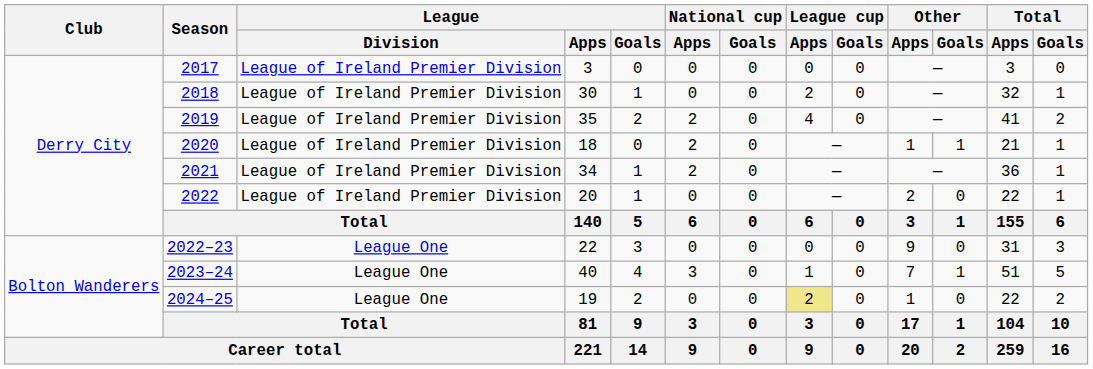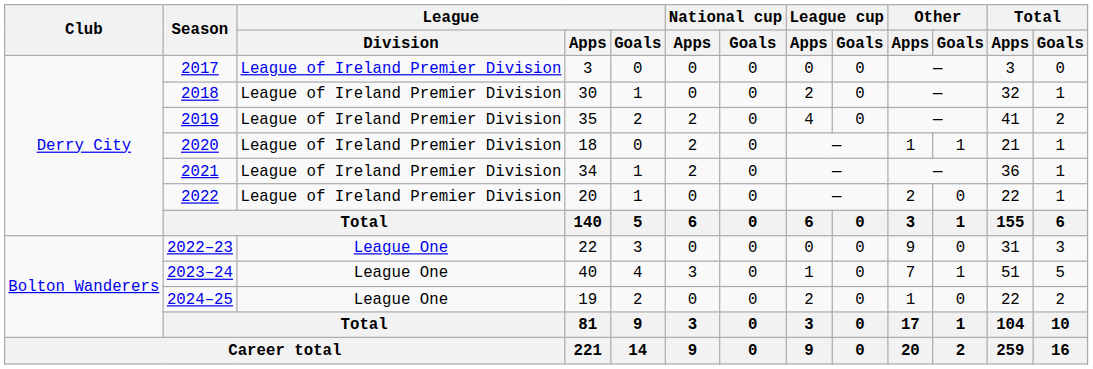 <table class="wikitable" style="text-align: center;">
 <tr>
 <th rowspan="2">Club</th>
 <th rowspan="2">Season</th>
 <th colspan="3">League</th>
 <th colspan="2">National cup</th>
 <th colspan="2">League cup</th>
 <th colspan="2">Other</th>
 <th colspan="2">Total</th>
 </tr>
 <tr>
 <th>Division</th>
 <th>Apps</th>
 <th>Goals</th>
 <th>Apps</th>
 <th>Goals</th>
 <th>Apps</th>
 <th>Goals</th>
 <th>Apps</th>
 <th>Goals</th>
 <th>Apps</th>
 <th>Goals</th>
 </tr>
 <tr>
 <td rowspan="7"><a href='#'>Derry City</a></td>
 <td><a href='#'>2017</a></td>
 <td><a href='#'>League of Ireland Premier Division</a></td>
 <td>3</td>
 <td>0</td>
 <td>0</td>
 <td>0</td>
 <td>0</td>
 <td>0</td>
 <td colspan="2">—</td>
 <td>3</td>
 <td>0</td>
 </tr>
 <tr>
 <td><a href='#'>2018</a></td>
 <td>League of Ireland Premier Division</td>
 <td>30</td>
 <td>1</td>
 <td>0</td>
 <td>0</td>
 <td>2</td>
 <td>0</td>
 <td colspan="2">—</td>
 <td>32</td>
 <td>1</td>
 </tr>
 <tr>
 <td><a href='#'>2019</a></td>
 <td>League of Ireland Premier Division</td>
 <td>35</td>
 <td>2</td>
 <td>2</td>
 <td>0</td>
 <td>4</td>
 <td>0</td>
 <td colspan="2">—</td>
 <td>41</td>
 <td>2</td>
 </tr>
 <tr>
 <td><a href='#'>2020</a></td>
 <td>League of Ireland Premier Division</td>
 <td>18</td>
 <td>0</td>
 <td>2</td>
 <td>0</td>
 <td colspan="2">—</td>
 <td>1</td>
 <td>1</td>
 <td>21</td>
 <td>1</td>
 </tr>
 <tr>
 <td><a href='#'>2021</a></td>
 <td>League of Ireland Premier Division</td>
 <td>34</td>
 <td>1</td>
 <td>2</td>
 <td>0</td>
 <td colspan="2">—</td>
 <td colspan="2">—</td>
 <td>36</td>
 <td>1</td>
 </tr>
 <tr>
 <td><a href='#'>2022</a></td>
 <td>League of Ireland Premier Division</td>
 <td>20</td>
 <td>1</td>
 <td>0</td>
 <td>0</td>
 <td colspan="2">—</td>
 <td>2</td>
 <td>0</td>
 <td>22</td>
 <td>1</td>
 </tr>
 <tr>
 <th colspan="2">Total</th>
 <th>140</th>
 <th>5</th>
 <th>6</th>
 <th>0</th>
 <th>6</th>
 <th>0</th>
 <th>3</th>
 <th>1</th>
 <th>155</th>
 <th>6</th>
 </tr>
 <tr>
 <td rowspan="4"><a href='#'>Bolton Wanderers</a></td>
 <td><a href='#'>2022–23</a></td>
 <td><a href='#'>League One</a></td>
 <td>22</td>
 <td>3</td>
 <td>0</td>
 <td>0</td>
 <td>0</td>
 <td>0</td>
 <td>9</td>
 <td>0</td>
 <td>31</td>
 <td>3</td>
 </tr>
 <tr>
 <td><a href='#'>2023–24</a></td>
 <td>League One</td>
 <td>40</td>
 <td>4</td>
 <td>3</td>
 <td>0</td>
 <td>1</td>
 <td>0</td>
 <td>7</td>
 <td>1</td>
 <td>51</td>
 <td>5</td>
 </tr>
 <tr>
 <td><a href='#'>2024–25</a></td>
 <td>League One</td>
 <td>19</td>
 <td>2</td>
 <td>0</td>
 <td>0</td>
-<td style="background: khaki;">2</td>
+<td>2</td>
 <td>0</td>
 <td>1</td>
 <td>0</td>
 <td>22</td>
 <td>2</td>
 </tr>
 <tr>
 <th colspan="2">Total</th>
 <th>81</th>
 <th>9</th>
 <th>3</th>
 <th>0</th>
 <th>3</th>
 <th>0</th>
 <th>17</th>
 <th>1</th>
 <th>104</th>
 <th>10</th>
 </tr>
 <tr>
 <th colspan="3">Career total</th>
 <th>221</th>
 <th>14</th>
 <th>9</th>
 <th>0</th>
 <th>9</th>
 <th>0</th>
 <th>20</th>
 <th>2</th>
 <th>259</th>
 <th>16</th>
 </tr>
 </table>
